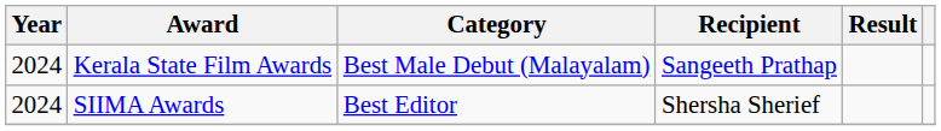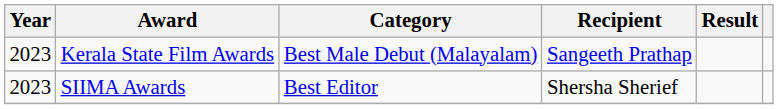 <table class="wikitable">
 <tr>
 <th>Year</th>
 <th>Award</th>
 <th>Category</th>
 <th>Recipient</th>
 <th>Result</th>
 <th></th>
 </tr>
 <tr>
-<td>2024</td>
+<td>2023</td>
 <td><a href='#'>Kerala State Film Awards</a></td>
 <td><a href='#'>Best Male Debut (Malayalam)</a></td>
 <td><a href='#'>Sangeeth Prathap</a></td>
 <td></td>
 <td></td>
 </tr>
 <tr>
-<td>2024</td>
+<td>2023</td>
 <td><a href='#'>SIIMA Awards</a></td>
 <td><a href='#'>Best Editor</a></td>
 <td>Shersha Sherief</td>
 <td></td>
 <td></td>
 </tr>
 <tr>
 </tr>
 </table>
